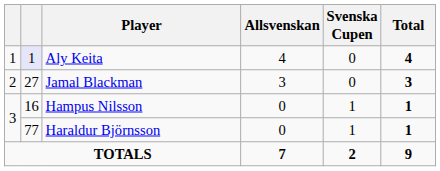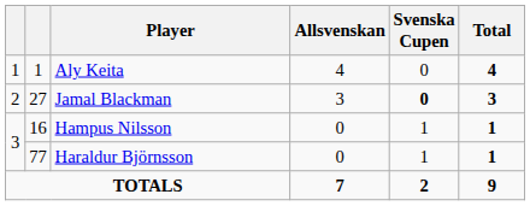 <table class="wikitable sortable" style="font-size: 95%; text-align: center;">
 <tr>
 <th width=10></th>
 <th width=10></th>
 <th width=200>Player</th>
 <th width=50>Allsvenskan</th>
 <th width=50>Svenska Cupen</th>
 <th width=50>Total</th>
 </tr>
 <tr>
 <td>1</td>
-<td style="background: lavender;">1</td>
+<td>1</td>
 <td align="left"> <a href='#'>Aly Keita</a></td>
 <td>4</td>
 <td>0</td>
 <td><strong>4</strong></td>
 </tr>
 <tr>
 <td>2</td>
 <td>27</td>
 <td align="left"> <a href='#'>Jamal Blackman</a></td>
 <td>3</td>
-<td>0</td>
+<td><strong>0</strong></td>
 <td><strong>3</strong></td>
 </tr>
 <tr>
 <td rowspan="2">3</td>
 <td>16</td>
 <td align="left"> <a href='#'>Hampus Nilsson</a></td>
 <td>0</td>
 <td>1</td>
 <td><strong>1</strong></td>
 </tr>
 <tr>
 <td>77</td>
 <td align="left"> <a href='#'>Haraldur Björnsson</a></td>
 <td>0</td>
 <td>1</td>
 <td><strong>1</strong></td>
 </tr>
 <tr>
 <td colspan="3"><strong>TOTALS</strong></td>
 <td><strong>7</strong></td>
 <td><strong>2</strong></td>
 <td><strong>9</strong></td>
 </tr>
 </table>
